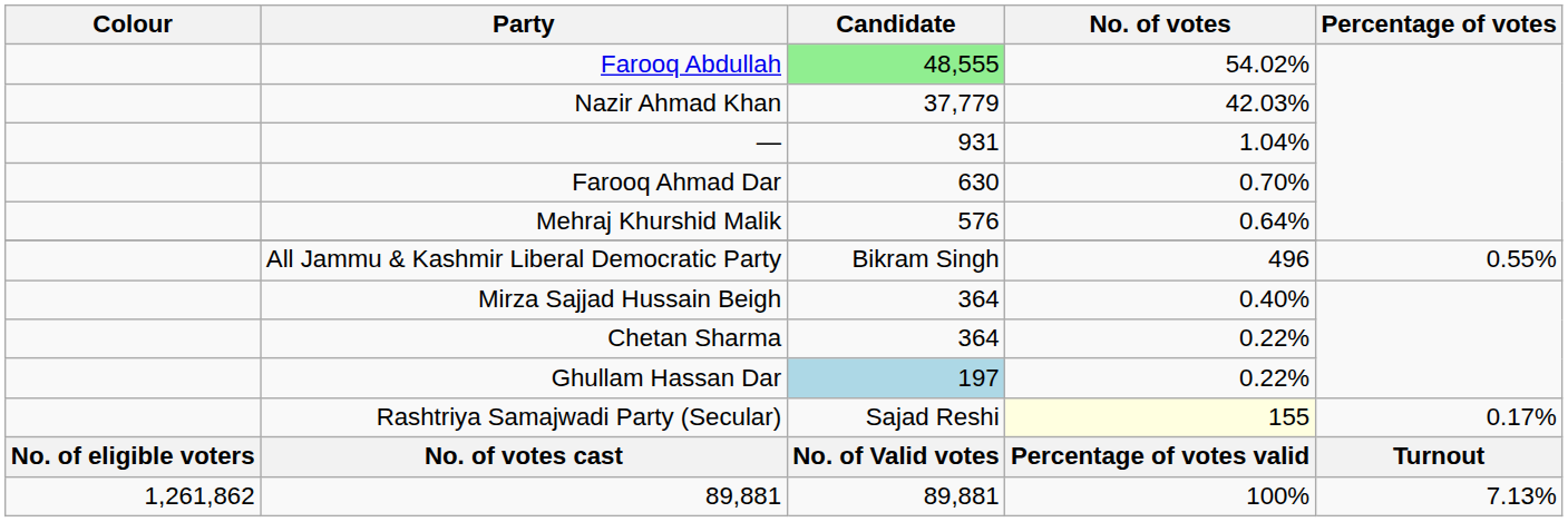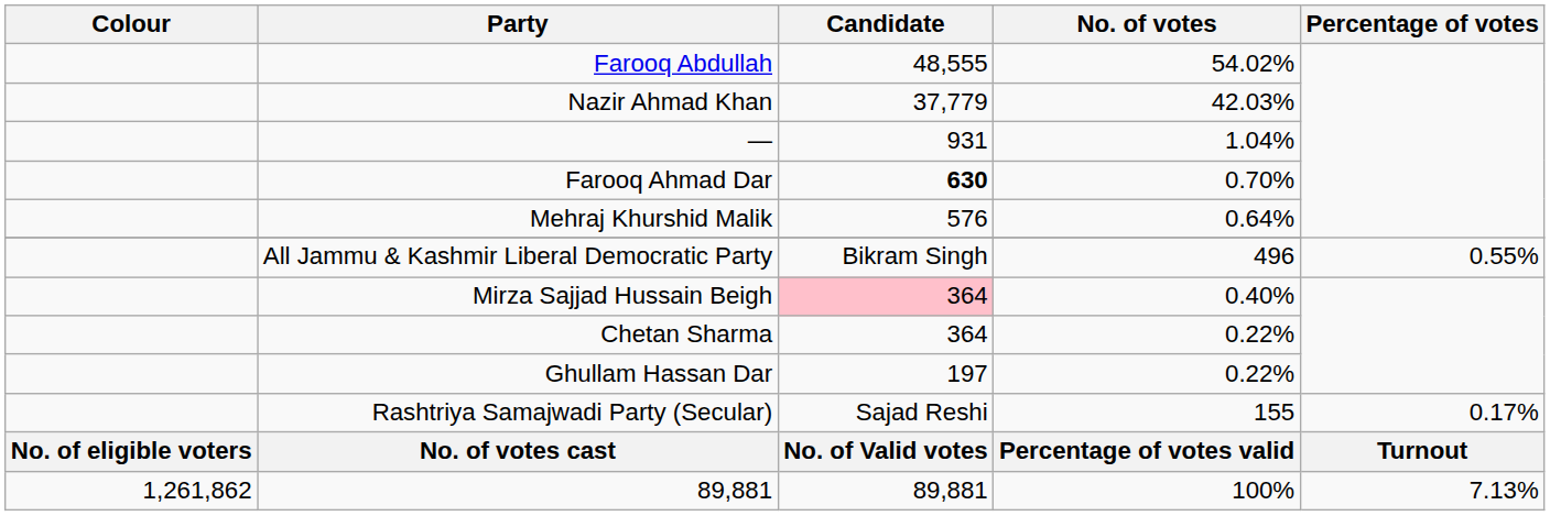 <table class="wikitable" style="text-align:right;">
 <tr>
 <th scope="col">Colour</th>
 <th scope="col">Party</th>
 <th scope="col">Candidate</th>
 <th scope="col">No. of votes</th>
 <th scope="col">Percentage of votes</th>
 </tr>
 <tr>
 <td></td>
 <td><a href='#'>Farooq Abdullah</a></td>
-<td style="background: lightgreen;">48,555</td>
+<td>48,555</td>
 <td>54.02%</td>
 </tr>
 <tr>
 <td></td>
 <td>Nazir Ahmad Khan</td>
 <td>37,779</td>
 <td>42.03%</td>
 </tr>
 <tr>
 <td></td>
 <td>—</td>
 <td>931</td>
 <td>1.04%</td>
 </tr>
 <tr>
 <td></td>
 <td>Farooq Ahmad Dar</td>
-<td>630</td>
+<td><strong>630</strong></td>
 <td>0.70%</td>
 </tr>
 <tr>
 <td></td>
 <td>Mehraj Khurshid Malik</td>
 <td>576</td>
 <td>0.64%</td>
 </tr>
 <tr>
 </tr>
 <tr>
 <td></td>
 <td>All Jammu & Kashmir Liberal Democratic Party</td>
 <td>Bikram Singh</td>
 <td>496</td>
 <td>0.55%</td>
 </tr>
 <tr>
 <td></td>
 <td>Mirza Sajjad Hussain Beigh</td>
-<td>364</td>
+<td style="background: pink;">364</td>
 <td>0.40%</td>
 </tr>
 <tr>
 <td></td>
 <td>Chetan Sharma</td>
 <td>364</td>
 <td>0.22%</td>
 </tr>
 <tr>
 <td></td>
 <td>Ghullam Hassan Dar</td>
-<td style="background: lightblue;">197</td>
+<td>197</td>
 <td>0.22%</td>
 </tr>
 <tr>
 <td></td>
 <td>Rashtriya Samajwadi Party (Secular)</td>
 <td>Sajad Reshi</td>
-<td style="background: lightyellow;">155</td>
+<td>155</td>
 <td>0.17%</td>
 </tr>
 <tr>
 <th scope="col">No. of eligible voters</th>
 <th scope="col">No. of votes cast</th>
 <th scope="col">No. of Valid votes</th>
 <th scope="col">Percentage of votes valid</th>
 <th scope="col">Turnout</th>
 </tr>
 <tr>
 <td>1,261,862</td>
 <td>89,881</td>
 <td>89,881</td>
 <td>100%</td>
 <td>7.13%</td>
 </tr>
 </table>
